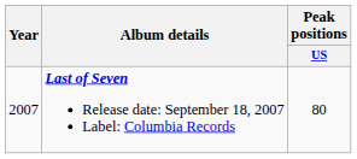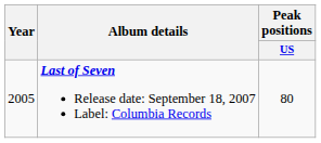 <table class="wikitable" style="text-align:center;">
 <tr>
 <th rowspan="2">Year</th>
 <th rowspan="2">Album details</th>
 <th>Peak positions</th>
 </tr>
 <tr style="font-size:smaller;">
 <th style="width:40px;"><a href='#'>US</a></th>
 </tr>
 <tr>
-<td>2007</td>
+<td>2005</td>
 <td style="text-align:left;"><strong><em><a href='#'>Last of Seven</a></em></strong><br><ul><li>Release date: September 18, 2007</li><li>Label: <a href='#'>Columbia Records</a></li></ul></td>
 <td>80</td>
 </tr>
 </table>
